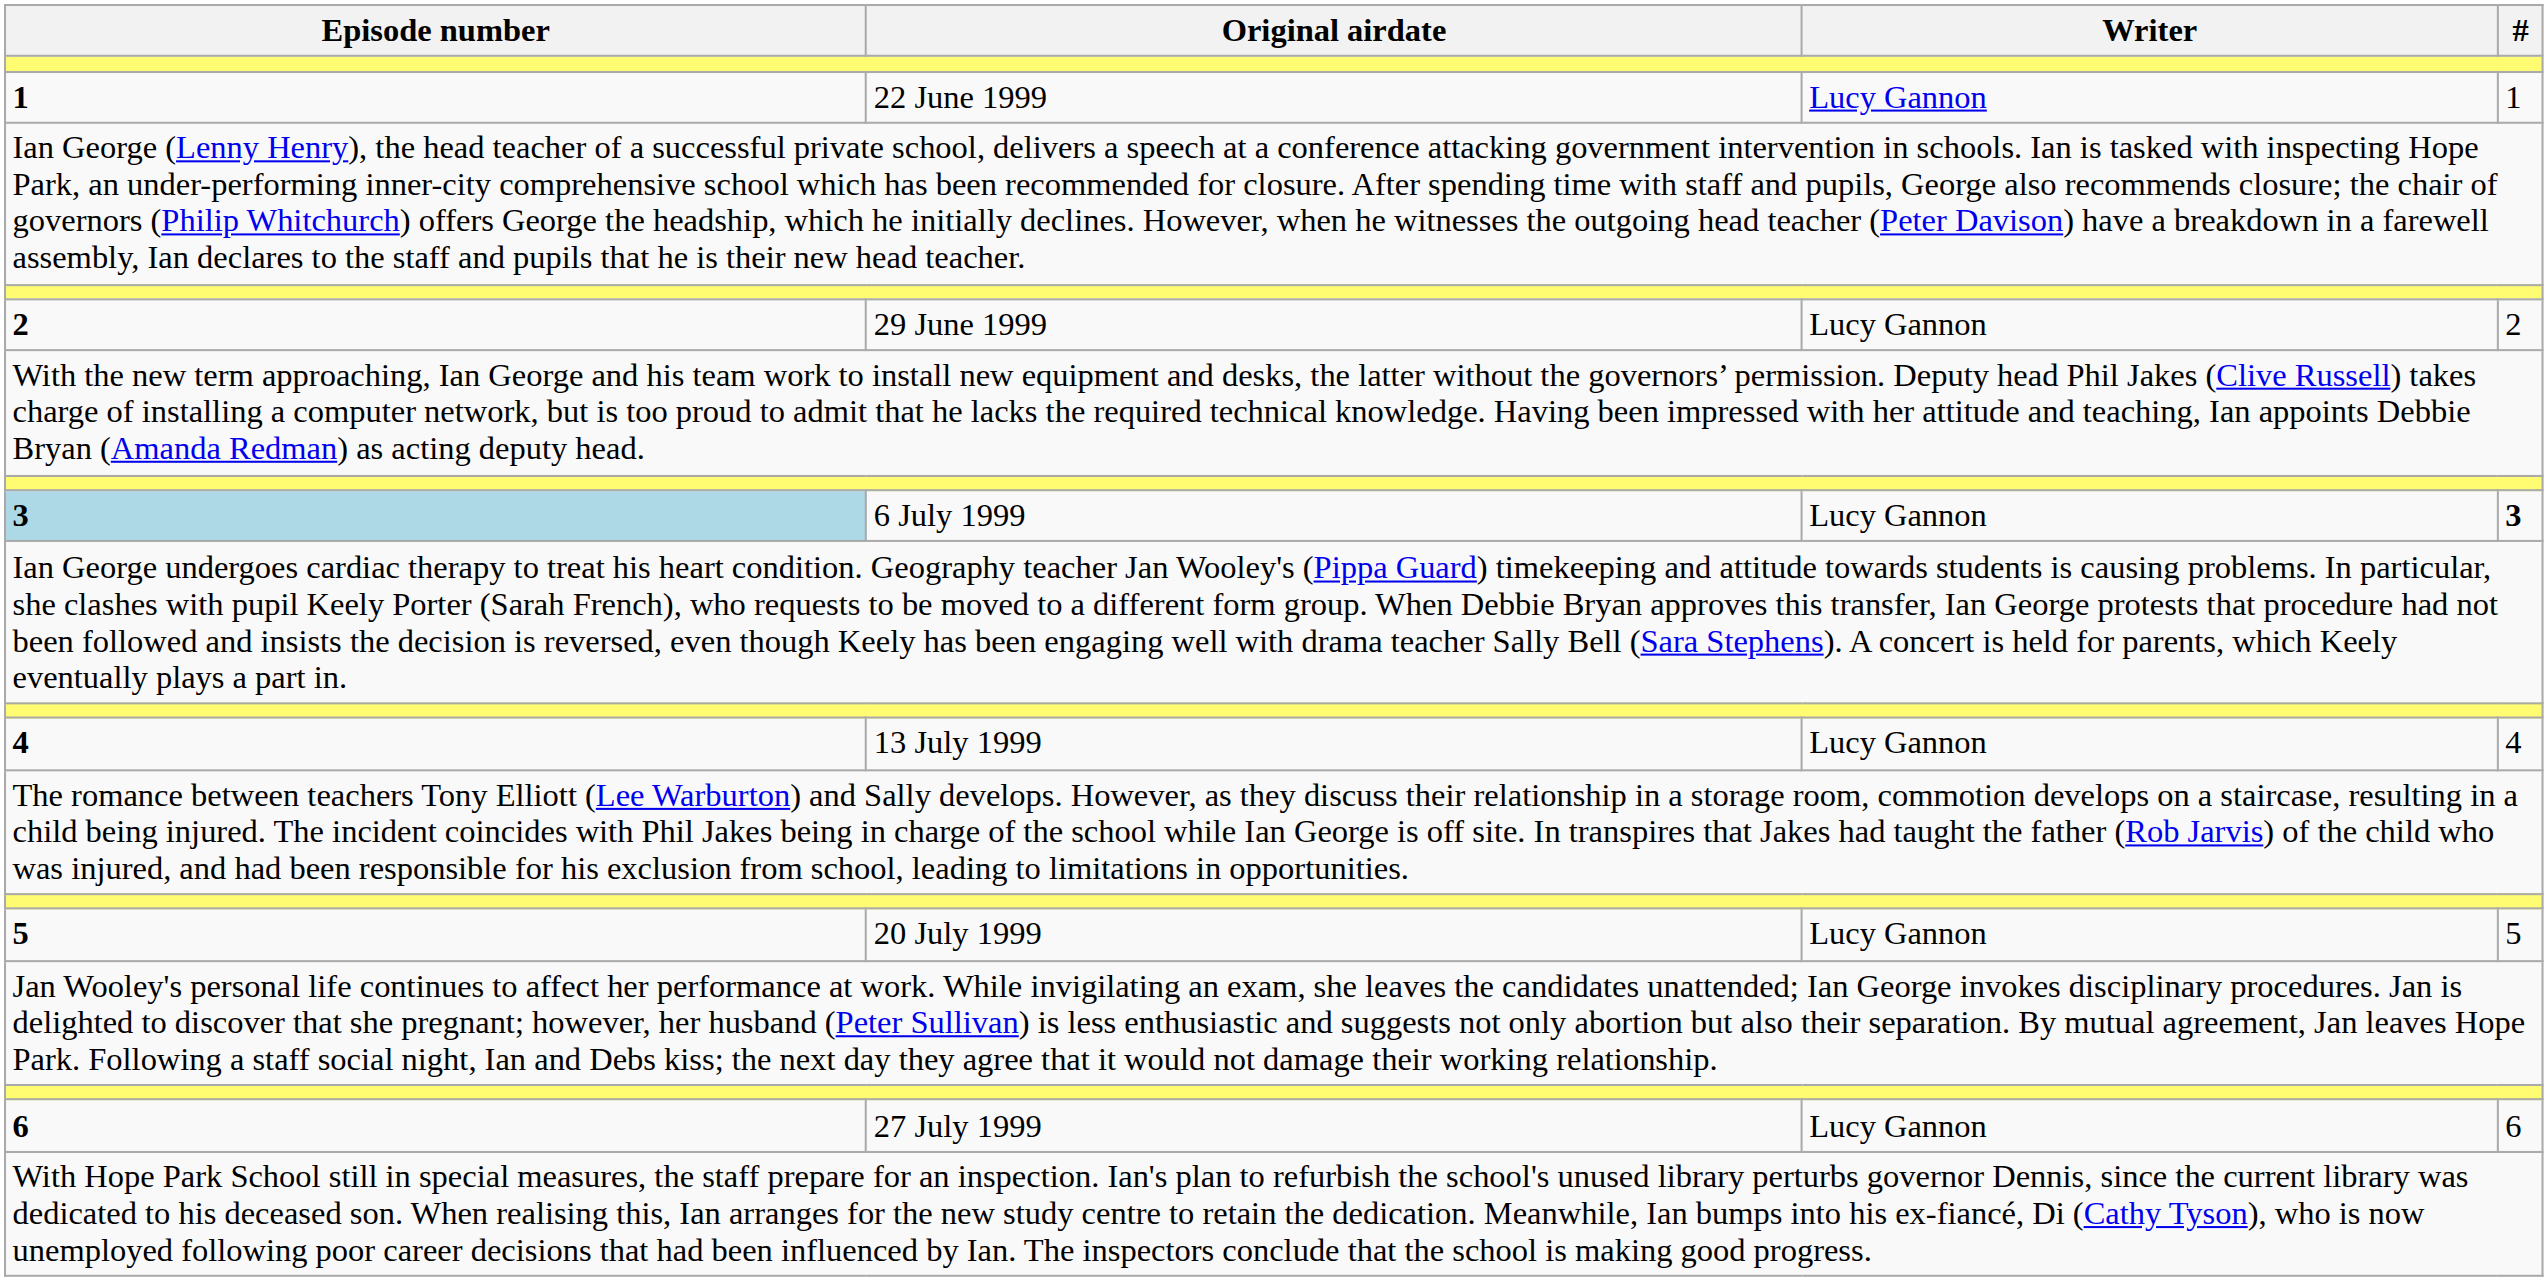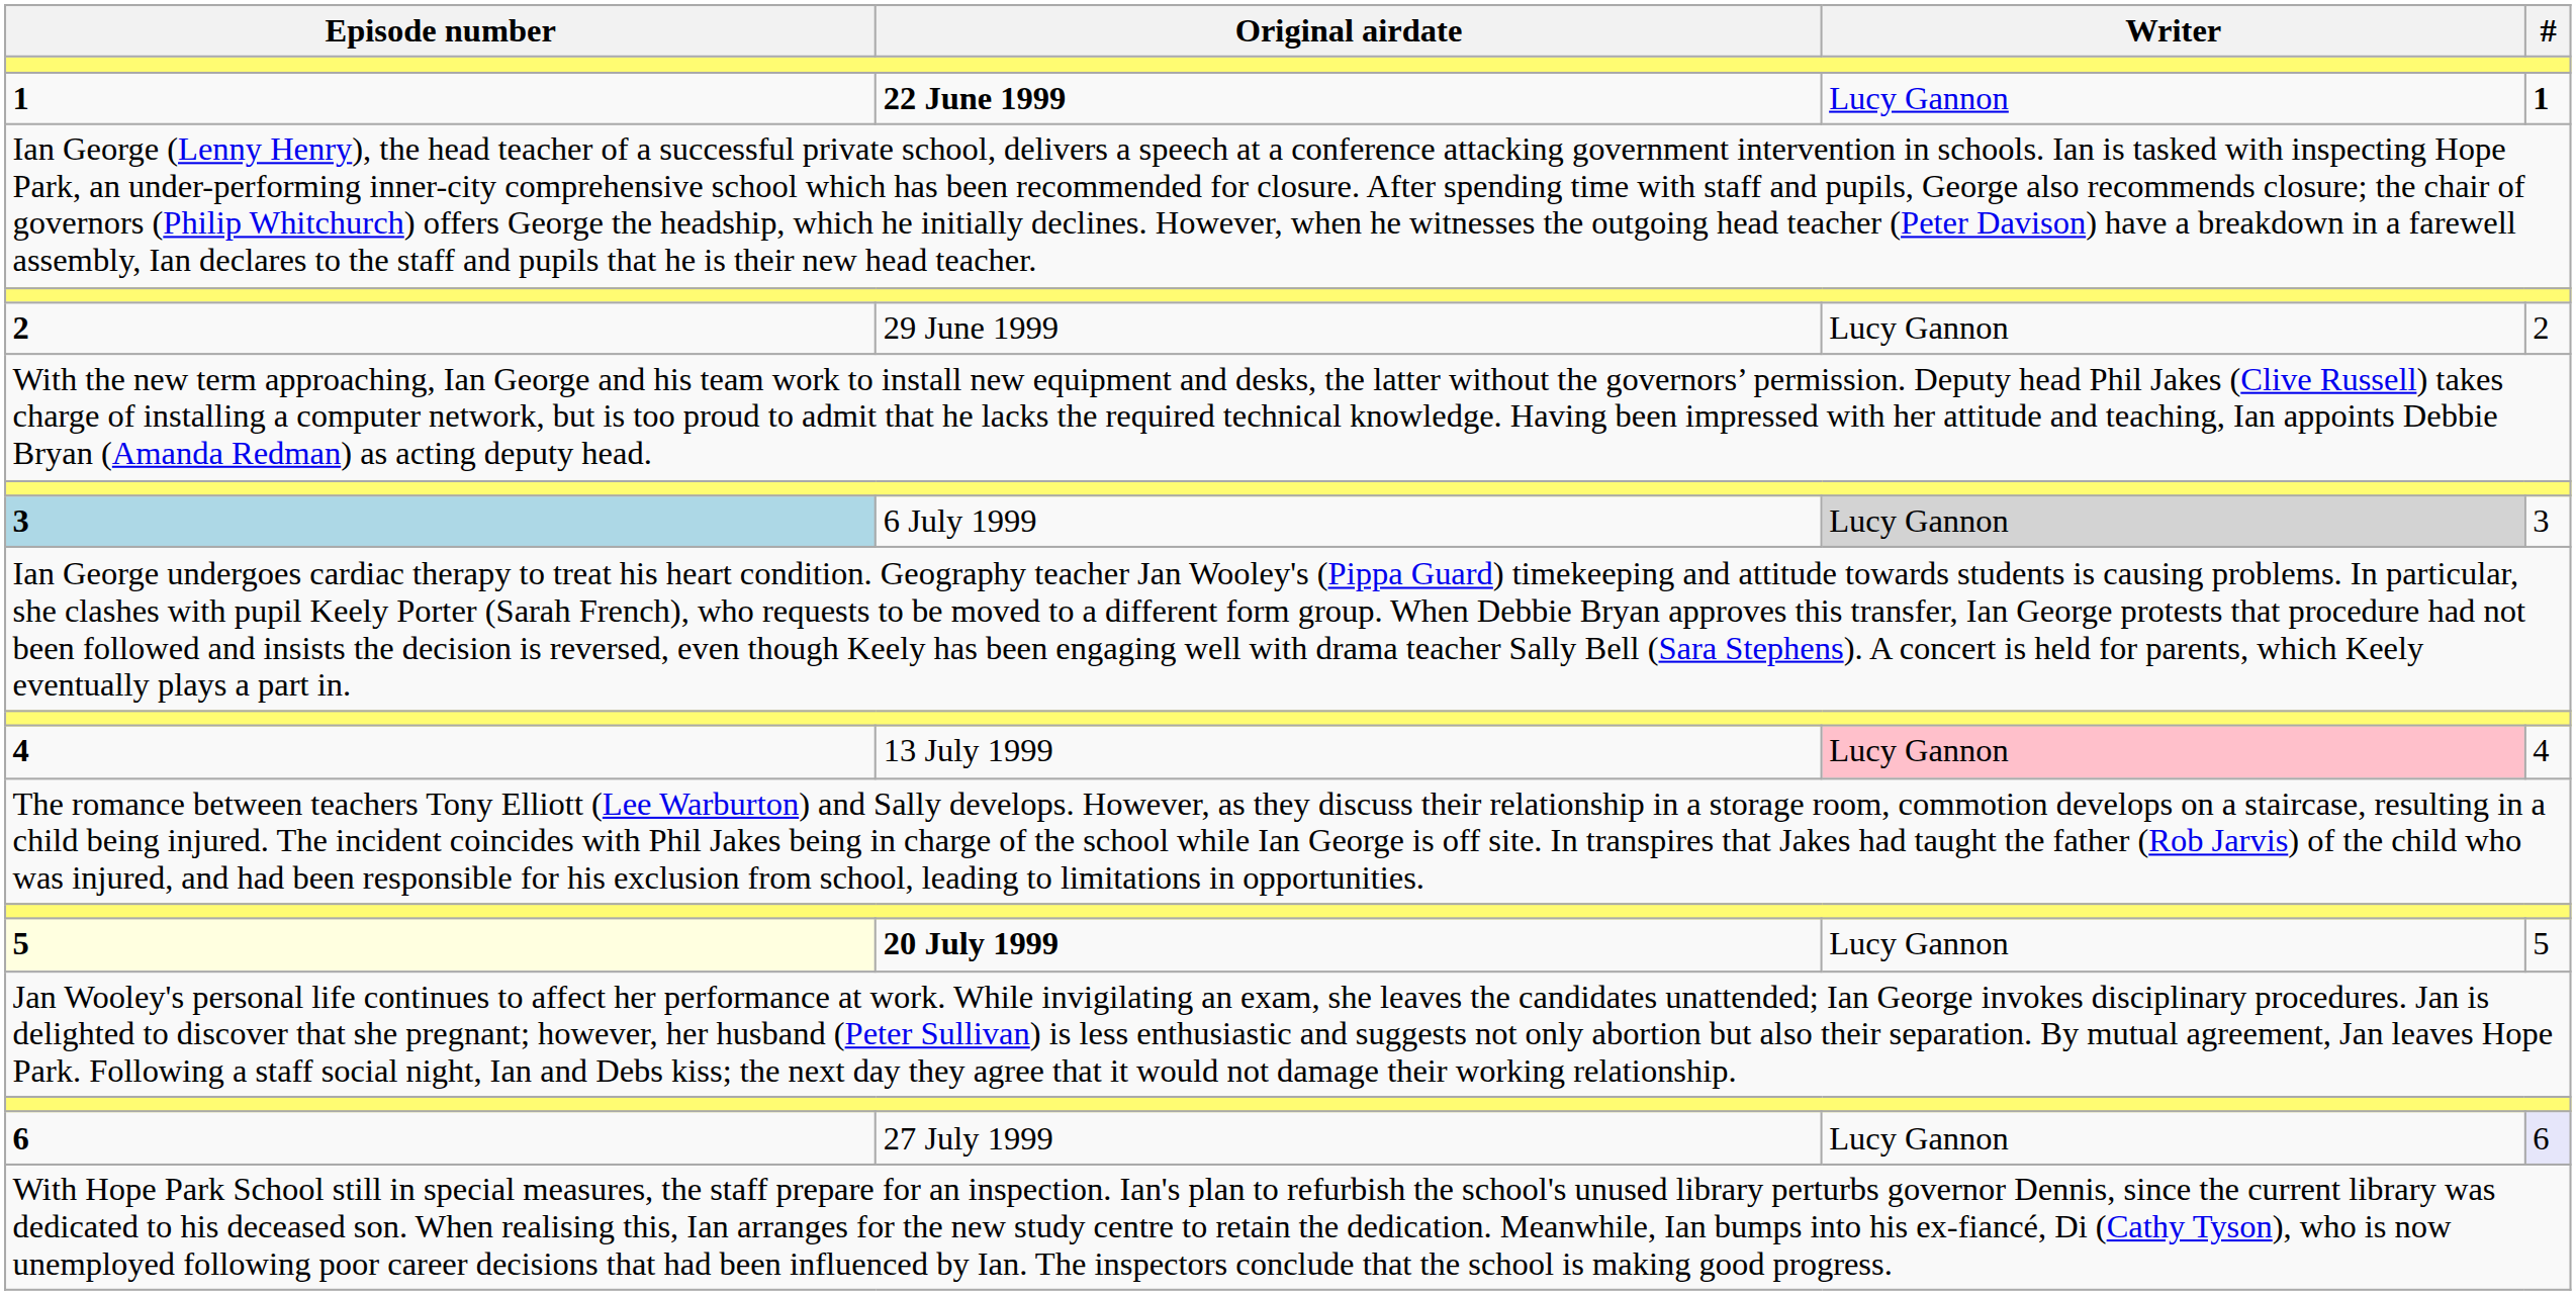 <table class="wikitable" style="width:99%;">
 <tr>
 <th>Episode number</th>
 <th>Original airdate</th>
 <th>Writer</th>
 <th style="width:15px;">#</th>
 </tr>
 <tr id="s1ep1">
 <td colspan="6" style="background:#fffc72;"></td>
 </tr>
 <tr>
 <td rowspan="1"><strong>1</strong></td>
-<td>22 June 1999</td>
+<td><strong>22 June 1999</strong></td>
 <td><a href='#'>Lucy Gannon</a></td>
-<td>1</td>
+<td><strong>1</strong></td>
 </tr>
 <tr>
 <td colspan="6">Ian George (<a href='#'>Lenny Henry</a>), the head teacher of a successful private school, delivers a speech at a conference attacking government intervention in schools. Ian is tasked with inspecting Hope Park, an under-performing inner-city comprehensive school which has been recommended for closure.  After spending time with staff and pupils, George also recommends closure; the chair of governors (<a href='#'>Philip Whitchurch</a>) offers George the headship, which he initially declines. However, when he witnesses the outgoing head teacher (<a href='#'>Peter Davison</a>) have a breakdown in a farewell assembly, Ian declares to the staff and pupils that he is their new head teacher.</td>
 </tr>
 <tr id="s1ep2">
 <td colspan="6" style="background:#fffc72;"></td>
 </tr>
 <tr>
 <td rowspan="1"><strong>2</strong></td>
 <td>29 June 1999</td>
 <td>Lucy Gannon</td>
 <td>2</td>
 </tr>
 <tr>
 <td colspan="6">With the new term approaching, Ian George and his team work to install new equipment and desks, the latter without the governors’ permission. Deputy head Phil Jakes (<a href='#'>Clive Russell</a>) takes charge of installing a computer network, but is too proud to admit that he lacks the required technical knowledge. Having been impressed with her attitude and teaching, Ian appoints Debbie Bryan (<a href='#'>Amanda Redman</a>) as acting deputy head.</td>
 </tr>
 <tr id="s1ep3">
 <td colspan="6" style="background:#fffc72;"></td>
 </tr>
 <tr>
 <td rowspan="1" style="background: lightblue;"><strong>3</strong></td>
 <td>6 July 1999</td>
-<td>Lucy Gannon</td>
-<td><strong>3</strong></td>
+<td style="background: lightgrey;">Lucy Gannon</td>
+<td>3</td>
 </tr>
 <tr>
 <td colspan="6">Ian George undergoes cardiac therapy to treat his heart condition. Geography teacher Jan Wooley's (<a href='#'>Pippa Guard</a>) timekeeping and attitude towards students is causing problems. In particular, she clashes with pupil Keely Porter (Sarah French), who requests to be moved to a different form group. When Debbie Bryan approves this transfer, Ian George protests that procedure had not been followed and insists the decision is reversed, even though Keely has been engaging well with drama teacher Sally Bell (<a href='#'>Sara Stephens</a>). A concert is held for parents, which Keely eventually plays a part in.</td>
 </tr>
 <tr id="s1ep4">
 <td colspan="6" style="background:#fffc72;"></td>
 </tr>
 <tr>
 <td rowspan="1"><strong>4</strong></td>
 <td>13 July 1999</td>
-<td>Lucy Gannon</td>
+<td style="background: pink;">Lucy Gannon</td>
 <td>4</td>
 </tr>
 <tr>
 <td colspan="6">The romance between teachers Tony Elliott (<a href='#'>Lee Warburton</a>) and Sally develops. However, as they discuss their relationship in a storage room, commotion develops on a staircase, resulting in a child being injured. The incident coincides with Phil Jakes being in charge of the school while Ian George is off site. In transpires that Jakes had taught the father (<a href='#'>Rob Jarvis</a>) of the child who was injured, and had been responsible for his exclusion from school, leading to limitations in opportunities.</td>
 </tr>
 <tr id="s1ep5">
 <td colspan="6" style="background:#fffc72;"></td>
 </tr>
 <tr>
-<td rowspan="1"><strong>5</strong></td>
-<td>20 July 1999</td>
+<td rowspan="1" style="background: lightyellow;"><strong>5</strong></td>
+<td><strong>20 July 1999</strong></td>
 <td>Lucy Gannon</td>
 <td>5</td>
 </tr>
 <tr>
 <td colspan="6">Jan Wooley's personal life continues to affect her performance at work. While invigilating an exam, she leaves the candidates unattended; Ian George invokes disciplinary procedures. Jan is delighted to discover that she pregnant; however, her husband (<a href='#'>Peter Sullivan</a>) is less enthusiastic and suggests not only abortion but also their separation. By mutual agreement, Jan leaves Hope Park.  Following a staff social night, Ian and Debs kiss; the next day they agree that it would not damage their working relationship.</td>
 </tr>
 <tr id="s1ep6">
 <td colspan="6" style="background:#fffc72;"></td>
 </tr>
 <tr>
 <td rowspan="1"><strong>6</strong></td>
 <td>27 July 1999</td>
 <td>Lucy Gannon</td>
-<td>6</td>
+<td style="background: lavender;">6</td>
 </tr>
 <tr>
 <td colspan="6">With Hope Park School still in special measures, the staff prepare for an inspection. Ian's plan to refurbish the school's unused library perturbs governor Dennis, since the current library was dedicated to his deceased son. When realising this, Ian arranges for the new study centre to retain the dedication.  Meanwhile, Ian bumps into his ex-fiancé, Di (<a href='#'>Cathy Tyson</a>), who is now unemployed following poor career decisions that had been influenced by Ian. The inspectors conclude that the school is making good progress.</td>
 </tr>
 </table>
